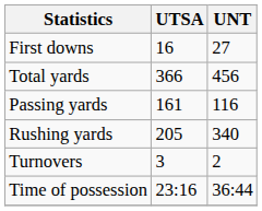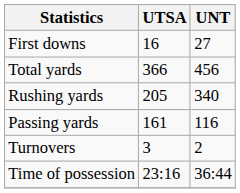 <table class="wikitable">
 <tr>
 <th>Statistics</th>
 <th>UTSA</th>
 <th>UNT</th>
 </tr>
 <tr>
 <td>First downs</td>
 <td>16</td>
 <td>27</td>
 </tr>
 <tr>
 <td>Total yards</td>
 <td>366</td>
 <td>456</td>
 </tr>
 <tr>
+<td>Rushing yards</td>
+<td>205</td>
+<td>340</td>
+</tr>
+<tr>
 <td>Passing yards</td>
 <td>161</td>
 <td>116</td>
-</tr>
-<tr>
-<td>Rushing yards</td>
-<td>205</td>
-<td>340</td>
 </tr>
 <tr>
 <td>Turnovers</td>
 <td>3</td>
 <td>2</td>
 </tr>
 <tr>
 <td>Time of possession</td>
 <td>23:16</td>
 <td>36:44</td>
 </tr>
 <tr>
 </tr>
 </table>
